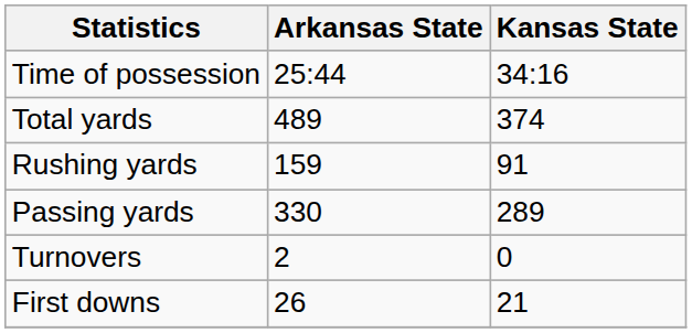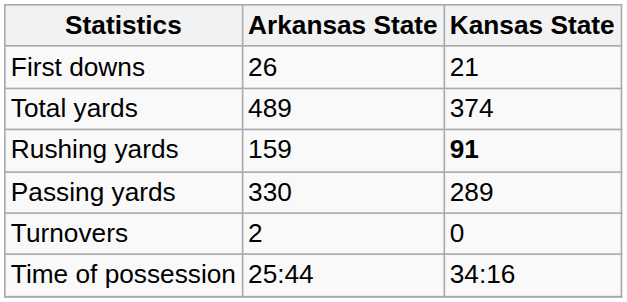 <table class="wikitable">
 <tr>
 <th>Statistics</th>
 <th>Arkansas State</th>
 <th>Kansas State</th>
 </tr>
 <tr>
-<td>Time of possession</td>
-<td>25:44</td>
-<td>34:16</td>
+<td>First downs</td>
+<td>26</td>
+<td>21</td>
 </tr>
 <tr>
 <td>Total yards</td>
 <td>489</td>
 <td>374</td>
 </tr>
 <tr>
 <td>Rushing yards</td>
 <td>159</td>
-<td>91</td>
+<td><strong>91</strong></td>
 </tr>
 <tr>
 <td>Passing yards</td>
 <td>330</td>
 <td>289</td>
 </tr>
 <tr>
 <td>Turnovers</td>
 <td>2</td>
 <td>0</td>
 </tr>
 <tr>
-<td>First downs</td>
-<td>26</td>
-<td>21</td>
+<td>Time of possession</td>
+<td>25:44</td>
+<td>34:16</td>
 </tr>
 <tr>
 </tr>
 </table>
